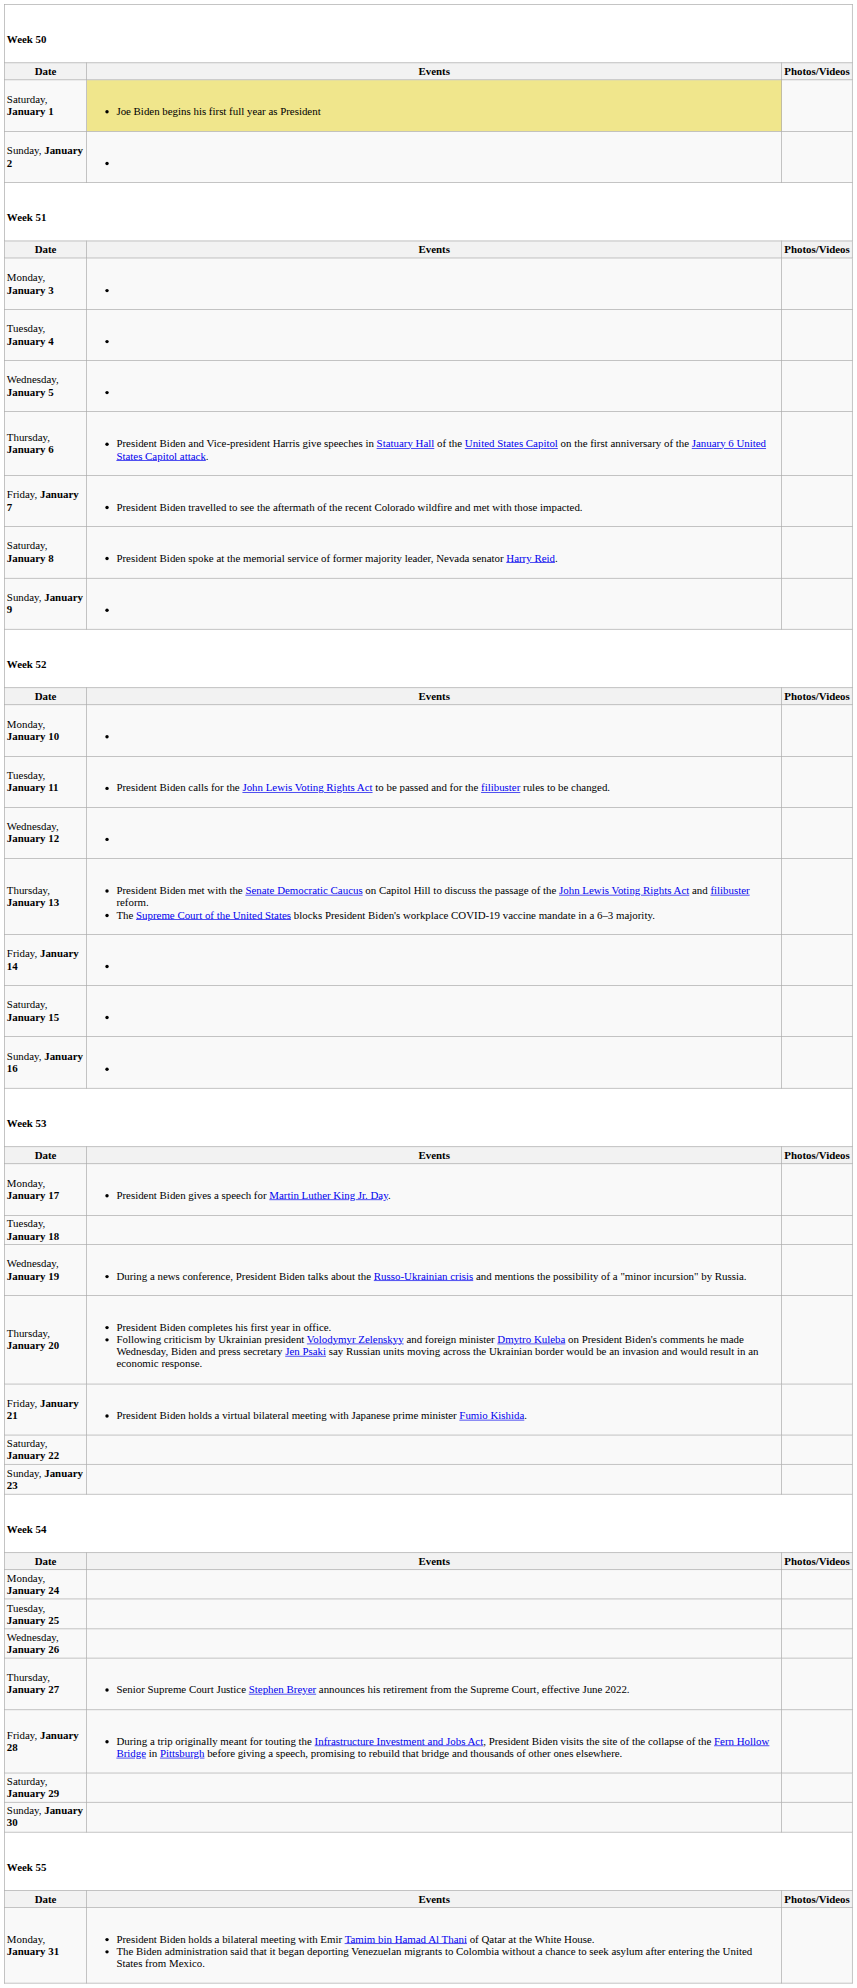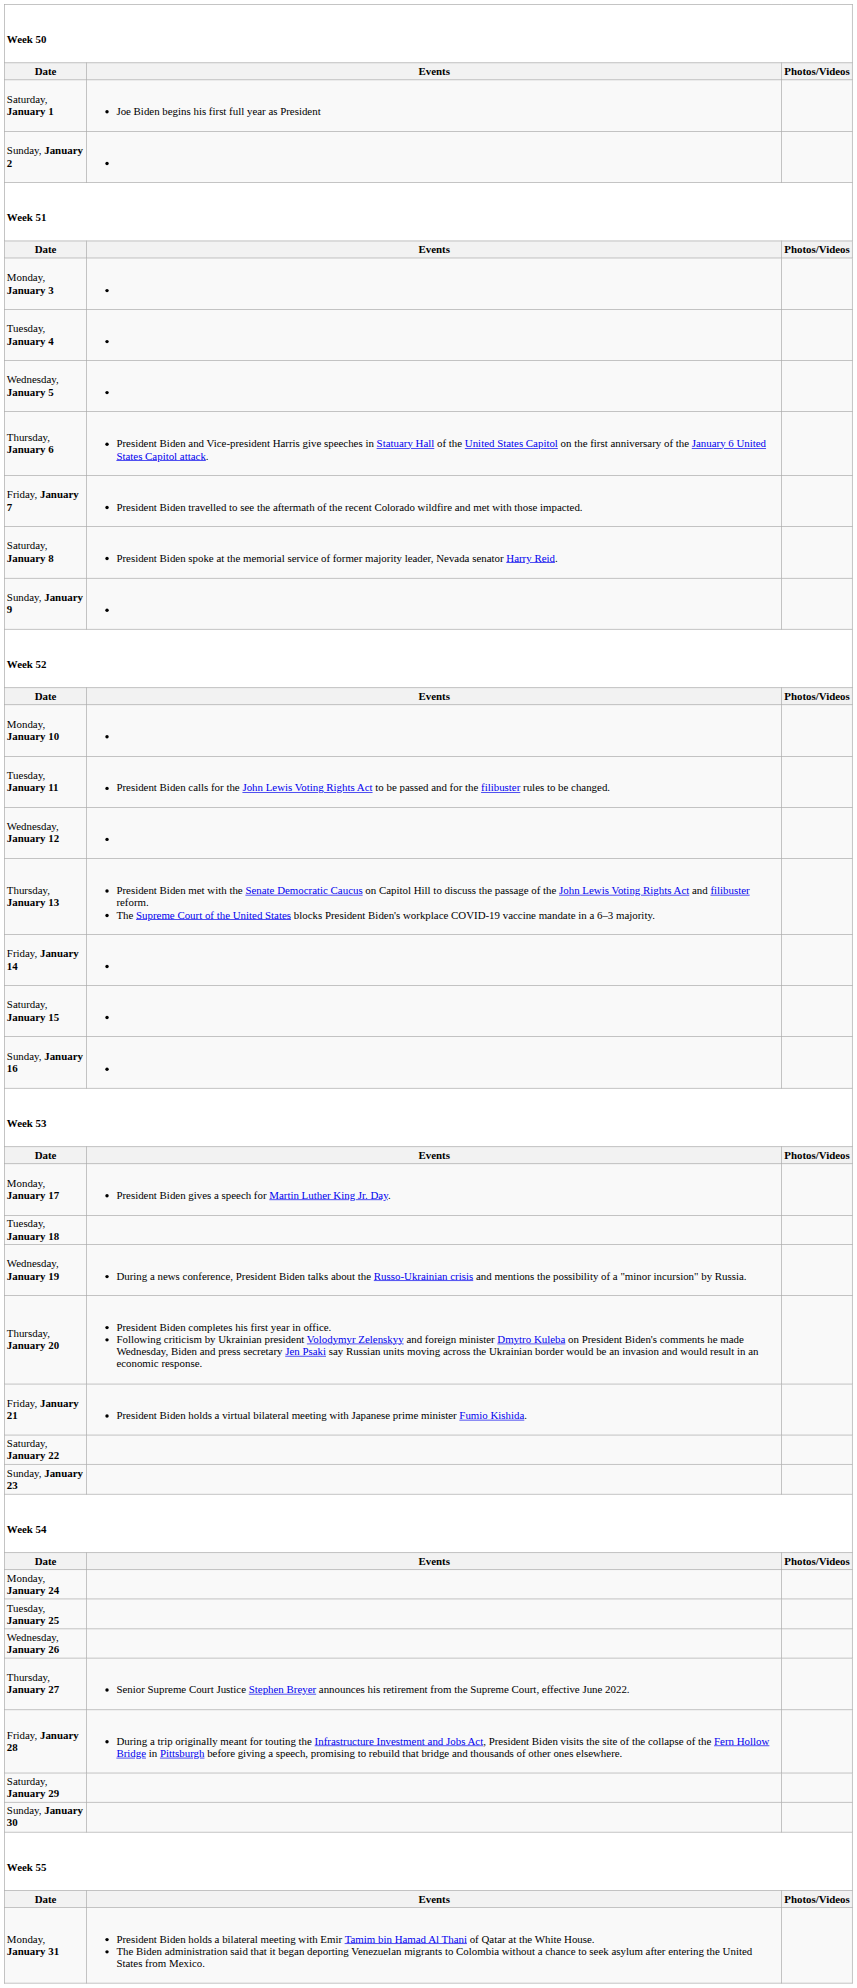 <table class="wikitable">
 <tr style="background:white;">
 <td colspan="3"><br><h4>Week 50</h4></td>
 </tr>
 <tr>
 <th>Date</th>
 <th>Events</th>
 <th>Photos/Videos</th>
 </tr>
 <tr>
 <td>Saturday, <strong>January 1</strong></td>
-<td style="background: khaki;"><br><ul><li>Joe Biden begins his first full year as President</li></ul></td>
+<td><br><ul><li>Joe Biden begins his first full year as President</li></ul></td>
 <td></td>
 </tr>
 <tr>
 <td>Sunday, <strong>January 2</strong></td>
 <td><br><ul><li></li></ul></td>
 <td></td>
 </tr>
 <tr style="background:white;">
 <td colspan="3"><br><h4>Week 51</h4></td>
 </tr>
 <tr>
 <th>Date</th>
 <th>Events</th>
 <th>Photos/Videos</th>
 </tr>
 <tr>
 <td>Monday, <strong>January 3</strong></td>
 <td><br><ul><li></li></ul></td>
 <td></td>
 </tr>
 <tr>
 <td>Tuesday, <strong>January 4</strong></td>
 <td><br><ul><li></li></ul></td>
 <td></td>
 </tr>
 <tr>
 <td>Wednesday, <strong>January 5</strong></td>
 <td><br><ul><li></li></ul></td>
 <td></td>
 </tr>
 <tr>
 <td>Thursday, <strong>January 6</strong></td>
 <td><br><ul><li>President Biden and Vice-president Harris give speeches in <a href='#'>Statuary Hall</a> of the <a href='#'>United States Capitol</a> on the first anniversary of the <a href='#'>January 6 United States Capitol attack</a>.</li></ul></td>
 <td></td>
 </tr>
 <tr>
 <td>Friday, <strong>January 7</strong></td>
 <td><br><ul><li>President Biden travelled to see the aftermath of the recent Colorado wildfire and met with those impacted.</li></ul></td>
 <td></td>
 </tr>
 <tr>
 <td>Saturday, <strong>January 8</strong></td>
 <td><br><ul><li>President Biden spoke at the memorial service of former majority leader, Nevada senator <a href='#'>Harry Reid</a>.</li></ul></td>
 <td></td>
 </tr>
 <tr>
 <td>Sunday, <strong>January 9</strong></td>
 <td><br><ul><li></li></ul></td>
 <td></td>
 </tr>
 <tr style="background:white;">
 <td colspan="3"><br><h4>Week 52</h4></td>
 </tr>
 <tr>
 <th>Date</th>
 <th>Events</th>
 <th>Photos/Videos</th>
 </tr>
 <tr>
 <td>Monday, <strong>January 10</strong></td>
 <td><br><ul><li></li></ul></td>
 <td></td>
 </tr>
 <tr>
 <td>Tuesday, <strong>January 11</strong></td>
 <td><br><ul><li>President Biden calls for the <a href='#'>John Lewis Voting Rights Act</a> to be passed and for the <a href='#'>filibuster</a> rules to be changed.</li></ul></td>
 <td></td>
 </tr>
 <tr>
 <td>Wednesday, <strong>January 12</strong></td>
 <td><br><ul><li></li></ul></td>
 <td></td>
 </tr>
 <tr>
 <td>Thursday, <strong>January 13</strong></td>
 <td><br><ul><li>President Biden met with the <a href='#'>Senate Democratic Caucus</a> on Capitol Hill to discuss the passage of the <a href='#'>John Lewis Voting Rights Act</a> and <a href='#'>filibuster</a> reform.</li><li>The <a href='#'>Supreme Court of the United States</a> blocks President Biden's workplace COVID-19 vaccine mandate in a 6–3 majority.</li></ul></td>
 <td></td>
 </tr>
 <tr>
 <td>Friday, <strong>January 14</strong></td>
 <td><br><ul><li></li></ul></td>
 <td></td>
 </tr>
 <tr>
 <td>Saturday, <strong>January 15</strong></td>
 <td><br><ul><li></li></ul></td>
 <td></td>
 </tr>
 <tr>
 <td>Sunday, <strong>January 16</strong></td>
 <td><br><ul><li></li></ul></td>
 <td></td>
 </tr>
 <tr style="background:white;">
 <td colspan="3"><br><h4>Week 53</h4></td>
 </tr>
 <tr>
 <th>Date</th>
 <th>Events</th>
 <th>Photos/Videos</th>
 </tr>
 <tr>
 <td>Monday, <strong>January 17</strong></td>
 <td><br><ul><li>President Biden gives a speech for <a href='#'>Martin Luther King Jr. Day</a>.</li></ul></td>
 <td></td>
 </tr>
 <tr>
 <td>Tuesday, <strong>January 18</strong></td>
 <td></td>
 <td></td>
 </tr>
 <tr>
 <td>Wednesday, <strong>January 19</strong></td>
 <td><br><ul><li>During a news conference, President Biden talks about the <a href='#'>Russo-Ukrainian crisis</a> and mentions the possibility of a "minor incursion" by Russia.</li></ul></td>
 <td></td>
 </tr>
 <tr>
 <td>Thursday, <strong>January 20</strong></td>
 <td><br><ul><li>President Biden completes his first year in office.</li><li>Following criticism by Ukrainian president <a href='#'>Volodymyr Zelenskyy</a> and foreign minister <a href='#'>Dmytro Kuleba</a> on President Biden's comments he made Wednesday, Biden and press secretary <a href='#'>Jen Psaki</a> say Russian units moving across the Ukrainian border would be an invasion and would result in an economic response.</li></ul></td>
 <td></td>
 </tr>
 <tr>
 <td>Friday, <strong>January 21</strong></td>
 <td><br><ul><li>President Biden holds a virtual bilateral meeting with Japanese prime minister <a href='#'>Fumio Kishida</a>.</li></ul></td>
 <td></td>
 </tr>
 <tr>
 <td>Saturday, <strong>January 22</strong></td>
 <td></td>
 <td></td>
 </tr>
 <tr>
 <td>Sunday, <strong>January 23</strong></td>
 <td></td>
 <td></td>
 </tr>
 <tr style="background:white;">
 <td colspan="3"><br><h4>Week 54</h4></td>
 </tr>
 <tr>
 <th>Date</th>
 <th>Events</th>
 <th>Photos/Videos</th>
 </tr>
 <tr>
 <td>Monday, <strong>January 24</strong></td>
 <td></td>
 <td></td>
 </tr>
 <tr>
 <td>Tuesday, <strong>January 25</strong></td>
 <td></td>
 <td></td>
 </tr>
 <tr>
 <td>Wednesday, <strong>January 26</strong></td>
 <td></td>
 <td></td>
 </tr>
 <tr>
 <td>Thursday, <strong>January 27</strong></td>
 <td><br><ul><li>Senior Supreme Court Justice <a href='#'>Stephen Breyer</a> announces his retirement from the Supreme Court, effective June 2022.</li></ul></td>
 <td></td>
 </tr>
 <tr>
 <td>Friday, <strong>January 28</strong></td>
 <td><br><ul><li>During a trip originally meant for touting the <a href='#'>Infrastructure Investment and Jobs Act</a>, President Biden visits the site of the collapse of the <a href='#'>Fern Hollow Bridge</a> in <a href='#'>Pittsburgh</a> before giving a speech, promising to rebuild that bridge and thousands of other ones elsewhere.</li></ul></td>
 <td></td>
 </tr>
 <tr>
 <td>Saturday, <strong>January 29</strong></td>
 <td></td>
 <td></td>
 </tr>
 <tr>
 <td>Sunday, <strong>January 30</strong></td>
 <td></td>
 <td></td>
 </tr>
 <tr style="background:white;">
 <td colspan="3"><br><h4>Week 55</h4></td>
 </tr>
 <tr>
 <th>Date</th>
 <th>Events</th>
 <th>Photos/Videos</th>
 </tr>
 <tr>
 <td>Monday, <strong>January 31</strong></td>
 <td><br><ul><li>President Biden holds a bilateral meeting with Emir <a href='#'>Tamim bin Hamad Al Thani</a> of Qatar at the White House.</li><li>The Biden administration said that it began deporting Venezuelan migrants to Colombia without a chance to seek asylum after entering the United States from Mexico.</li></ul></td>
 <td></td>
 </tr>
 </table>
